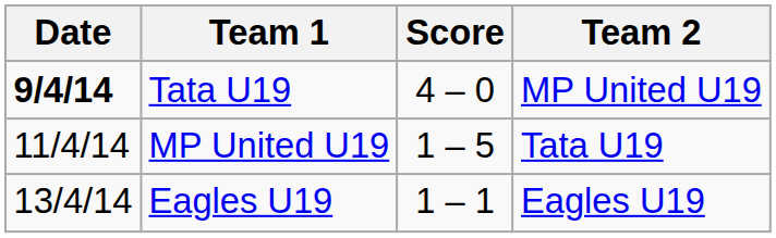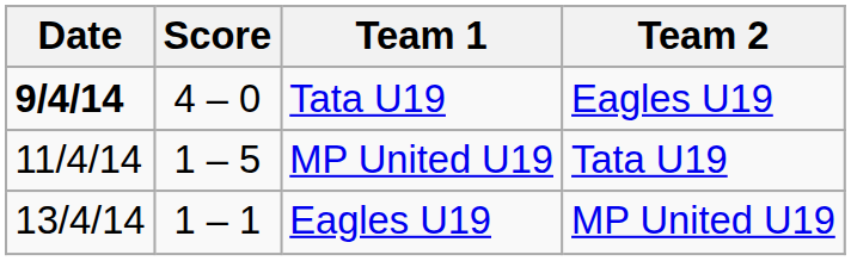 <table class="wikitable">
 <tr>
 <th>Date</th>
+<th>Score</th>
 <th>Team 1</th>
-<th>Score</th>
 <th>Team 2</th>
 </tr>
 <tr>
 <td><strong>9/4/14</strong></td>
+<td style="text-align: center;">4 – 0</td>
 <td><a href='#'>Tata U19</a></td>
-<td style="text-align: center;">4 – 0</td>
-<td><a href='#'>MP United U19</a></td>
+<td><a href='#'>Eagles U19</a></td>
 </tr>
 <tr>
 <td>11/4/14</td>
+<td style="text-align: center;">1 – 5</td>
 <td><a href='#'>MP United U19</a></td>
-<td style="text-align: center;">1 – 5</td>
 <td><a href='#'>Tata U19</a></td>
 </tr>
 <tr>
 <td>13/4/14</td>
-<td><a href='#'>Eagles U19</a></td>
 <td style="text-align: center;">1 – 1</td>
 <td><a href='#'>Eagles U19</a></td>
+<td><a href='#'>MP United U19</a></td>
 </tr>
 </table>
